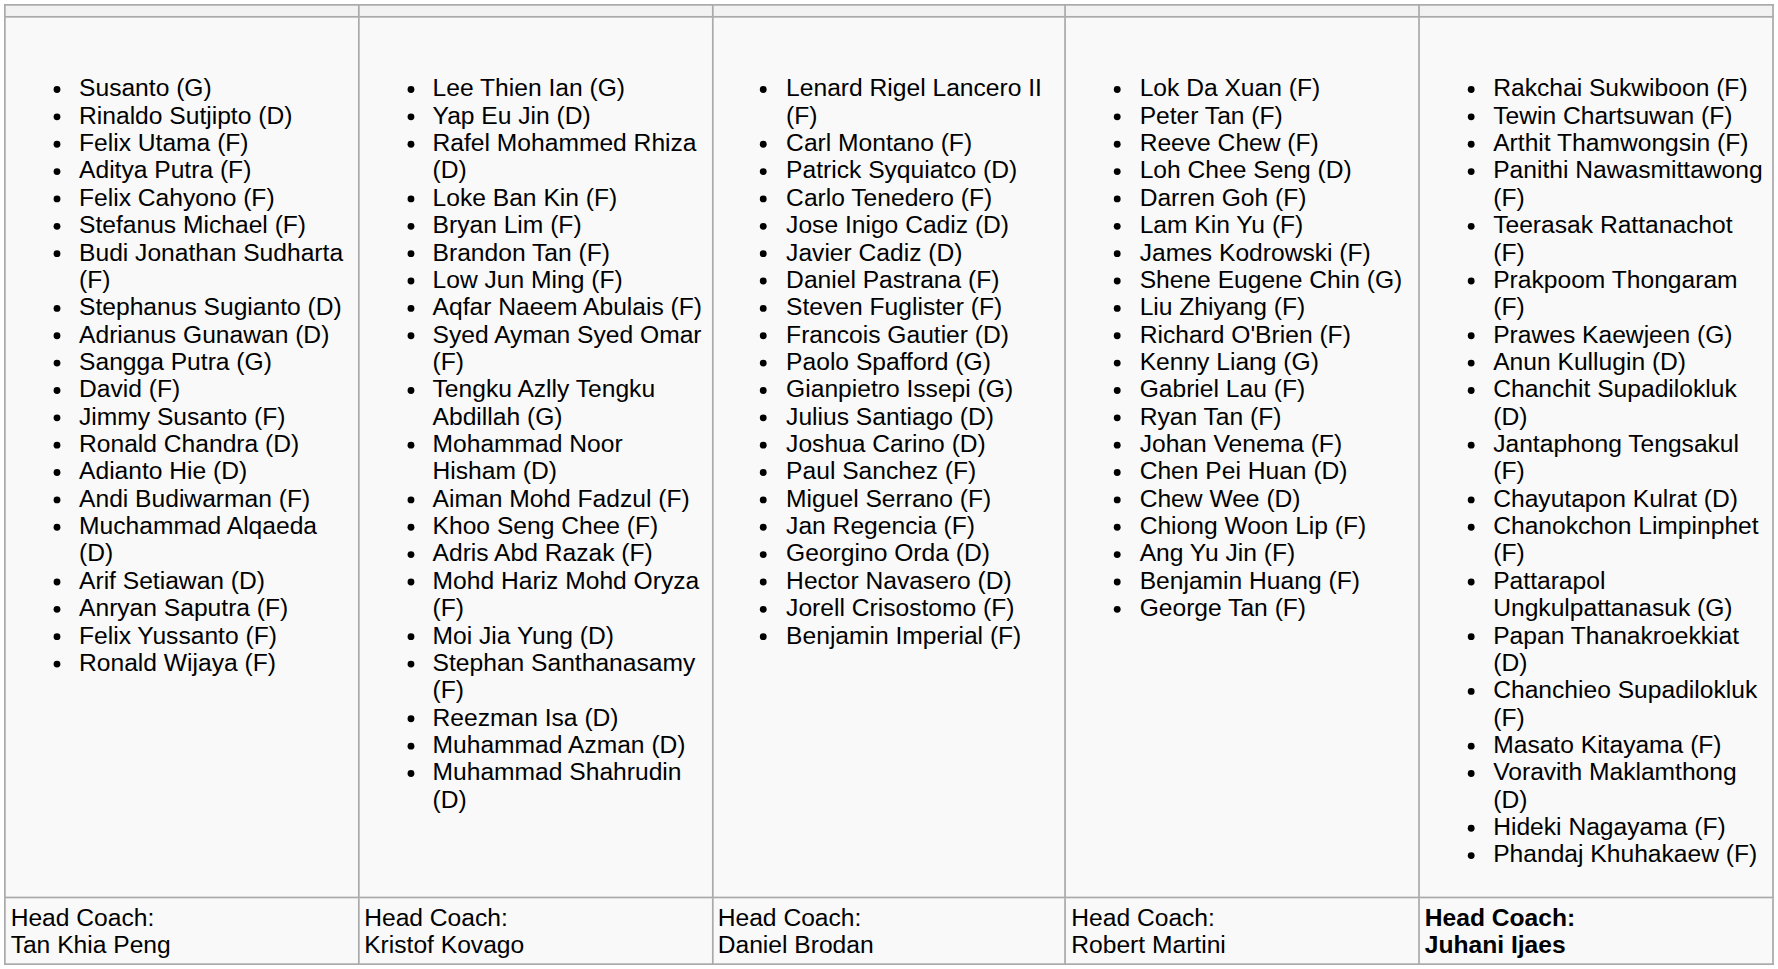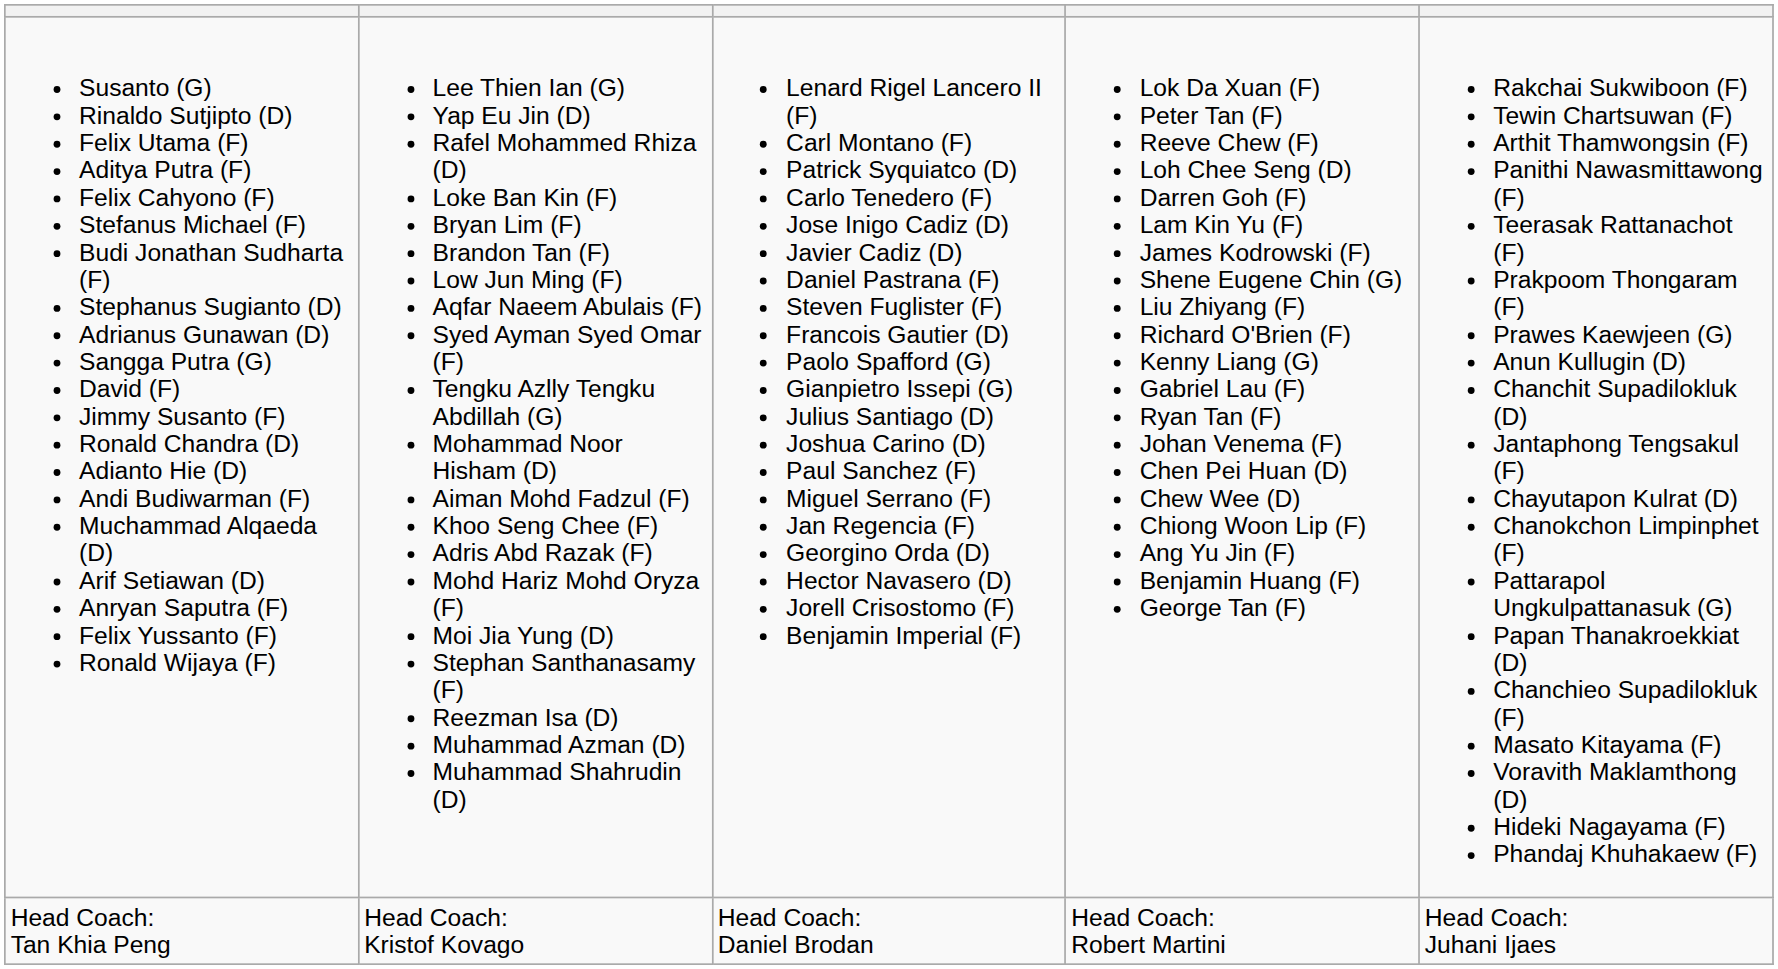 <table class="wikitable" style="font-size:90%;">
 <tr>
 <th width=200></th>
 <th width=200></th>
 <th width=200></th>
 <th width=200></th>
 <th width=200></th>
 </tr>
 <tr>
 <td valign=top><br><ul><li>Susanto (G)</li><li>Rinaldo Sutjipto (D)</li><li>Felix Utama (F)</li><li>Aditya Putra (F)</li><li>Felix Cahyono (F)</li><li>Stefanus Michael (F)</li><li>Budi Jonathan Sudharta (F)</li><li>Stephanus Sugianto (D)</li><li>Adrianus Gunawan (D)</li><li>Sangga Putra (G)</li><li>David (F)</li><li>Jimmy Susanto (F)</li><li>Ronald Chandra (D)</li><li>Adianto Hie (D)</li><li>Andi Budiwarman (F)</li><li>Muchammad Alqaeda (D)</li><li>Arif Setiawan (D)</li><li>Anryan Saputra (F)</li><li>Felix Yussanto (F)</li><li>Ronald Wijaya (F)</li></ul></td>
 <td valign=top><br><ul><li>Lee Thien Ian (G)</li><li>Yap Eu Jin (D)</li><li>Rafel Mohammed Rhiza (D)</li><li>Loke Ban Kin (F)</li><li>Bryan Lim (F)</li><li>Brandon Tan (F)</li><li>Low Jun Ming (F)</li><li>Aqfar Naeem Abulais (F)</li><li>Syed Ayman Syed Omar (F)</li><li>Tengku Azlly Tengku Abdillah (G)</li><li>Mohammad Noor Hisham (D)</li><li>Aiman Mohd Fadzul (F)</li><li>Khoo Seng Chee (F)</li><li>Adris Abd Razak (F)</li><li>Mohd Hariz Mohd Oryza (F)</li><li>Moi Jia Yung (D)</li><li>Stephan Santhanasamy (F)</li><li>Reezman Isa (D)</li><li>Muhammad Azman (D)</li><li>Muhammad Shahrudin (D)</li></ul></td>
 <td valign=top><br><ul><li>Lenard Rigel Lancero II (F)</li><li>Carl Montano (F)</li><li>Patrick Syquiatco (D)</li><li>Carlo Tenedero (F)</li><li>Jose Inigo Cadiz (D)</li><li>Javier Cadiz (D)</li><li>Daniel Pastrana (F)</li><li>Steven Fuglister (F)</li><li>Francois Gautier (D)</li><li>Paolo Spafford (G)</li><li>Gianpietro Issepi (G)</li><li>Julius Santiago (D)</li><li>Joshua Carino (D)</li><li>Paul Sanchez (F)</li><li>Miguel Serrano (F)</li><li>Jan Regencia (F)</li><li>Georgino Orda (D)</li><li>Hector Navasero (D)</li><li>Jorell Crisostomo (F)</li><li>Benjamin Imperial (F)</li></ul></td>
 <td valign=top><br><ul><li>Lok Da Xuan (F)</li><li>Peter Tan (F)</li><li>Reeve Chew (F)</li><li>Loh Chee Seng (D)</li><li>Darren Goh (F)</li><li>Lam Kin Yu (F)</li><li>James Kodrowski (F)</li><li>Shene Eugene Chin (G)</li><li>Liu Zhiyang (F)</li><li>Richard O'Brien (F)</li><li>Kenny Liang (G)</li><li>Gabriel Lau (F)</li><li>Ryan Tan (F)</li><li>Johan Venema (F)</li><li>Chen Pei Huan (D)</li><li>Chew Wee (D)</li><li>Chiong Woon Lip (F)</li><li>Ang Yu Jin (F)</li><li>Benjamin Huang (F)</li><li>George Tan (F)</li></ul></td>
 <td valign=top><br><ul><li>Rakchai Sukwiboon (F)</li><li>Tewin Chartsuwan (F)</li><li>Arthit Thamwongsin (F)</li><li>Panithi Nawasmittawong (F)</li><li>Teerasak Rattanachot (F)</li><li>Prakpoom Thongaram (F)</li><li>Prawes Kaewjeen (G)</li><li>Anun Kullugin (D)</li><li>Chanchit Supadilokluk (D)</li><li>Jantaphong Tengsakul (F)</li><li>Chayutapon Kulrat (D)</li><li>Chanokchon Limpinphet (F)</li><li>Pattarapol Ungkulpattanasuk (G)</li><li>Papan Thanakroekkiat (D)</li><li>Chanchieo Supadilokluk (F)</li><li>Masato Kitayama (F)</li><li>Voravith Maklamthong (D)</li><li>Hideki Nagayama (F)</li><li>Phandaj Khuhakaew (F)</li></ul></td>
 </tr>
 <tr>
 <td valign=top>Head Coach:<br> Tan Khia Peng</td>
 <td valign=top>Head Coach:<br> Kristof Kovago</td>
 <td valign=top>Head Coach:<br> Daniel Brodan</td>
 <td valign=top>Head Coach:<br> Robert Martini</td>
-<td valign=top><strong>Head Coach:<br> Juhani Ijaes</strong></td>
+<td valign=top>Head Coach:<br> Juhani Ijaes</td>
 </tr>
 </table>
